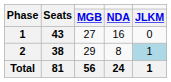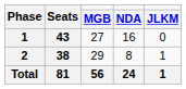 <table class="wikitable" style="text-align:center;">
 <tr>
 <th rowspan="2">Phase</th>
 <th rowspan="2">Seats</th>
 <td></td>
 <td></td>
 <td></td>
 </tr>
 <tr>
 <th><a href='#'>MGB</a></th>
 <th><a href='#'>NDA</a></th>
 <th><a href='#'>JLKM</a></th>
 </tr>
 <tr>
 <th>1</th>
 <th>43</th>
 <td style="background:">27</td>
 <td>16</td>
 <td>0</td>
 </tr>
 <tr>
 <th>2</th>
 <th>38</th>
 <td style="background:">29</td>
 <td>8</td>
-<td style="background: lightblue;">1</td>
+<td>1</td>
 </tr>
 <tr>
 <th>Total</th>
 <th>81</th>
 <th style="background:">56</th>
 <th>24</th>
 <th>1</th>
 </tr>
 </table>
